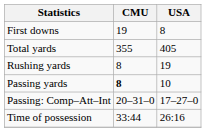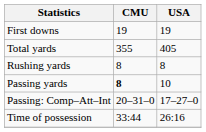 <table class="wikitable" style="float: left;">
 <tr>
 <th>Statistics</th>
 <th>CMU</th>
 <th>USA</th>
 </tr>
 <tr>
 <td>First downs</td>
 <td>19</td>
-<td>8</td>
+<td>19</td>
 </tr>
 <tr>
 <td>Total yards</td>
 <td>355</td>
 <td>405</td>
 </tr>
 <tr>
 <td>Rushing yards</td>
 <td>8</td>
-<td>19</td>
+<td>8</td>
 </tr>
 <tr>
 <td>Passing yards</td>
 <td><strong>8</strong></td>
 <td>10</td>
 </tr>
 <tr>
 <td>Passing: Comp–Att–Int</td>
 <td>20–31–0</td>
 <td>17–27–0</td>
 </tr>
 <tr>
 <td>Time of possession</td>
 <td>33:44</td>
 <td>26:16</td>
 </tr>
 <tr>
 </tr>
 </table>
